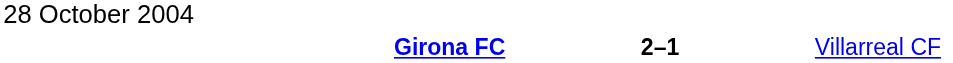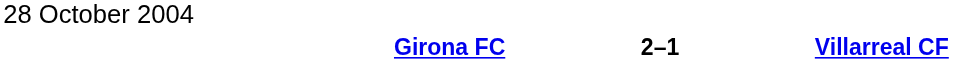 <table width=100% cellspacing=1>
 <tr>
 <th width=20%></th>
 <th width=12%></th>
 <th width=20%></th>
 <th></th>
 </tr>
 <tr>
 <td>28 October 2004</td>
 </tr>
 <tr style=font-size:90%>
 <td align=right><strong><a href='#'>Girona FC</a></strong></td>
 <td align=center><strong>2–1</strong></td>
-<td><a href='#'>Villarreal CF</a></td>
+<td><strong><a href='#'>Villarreal CF</a></strong></td>
 </tr>
 </table>
